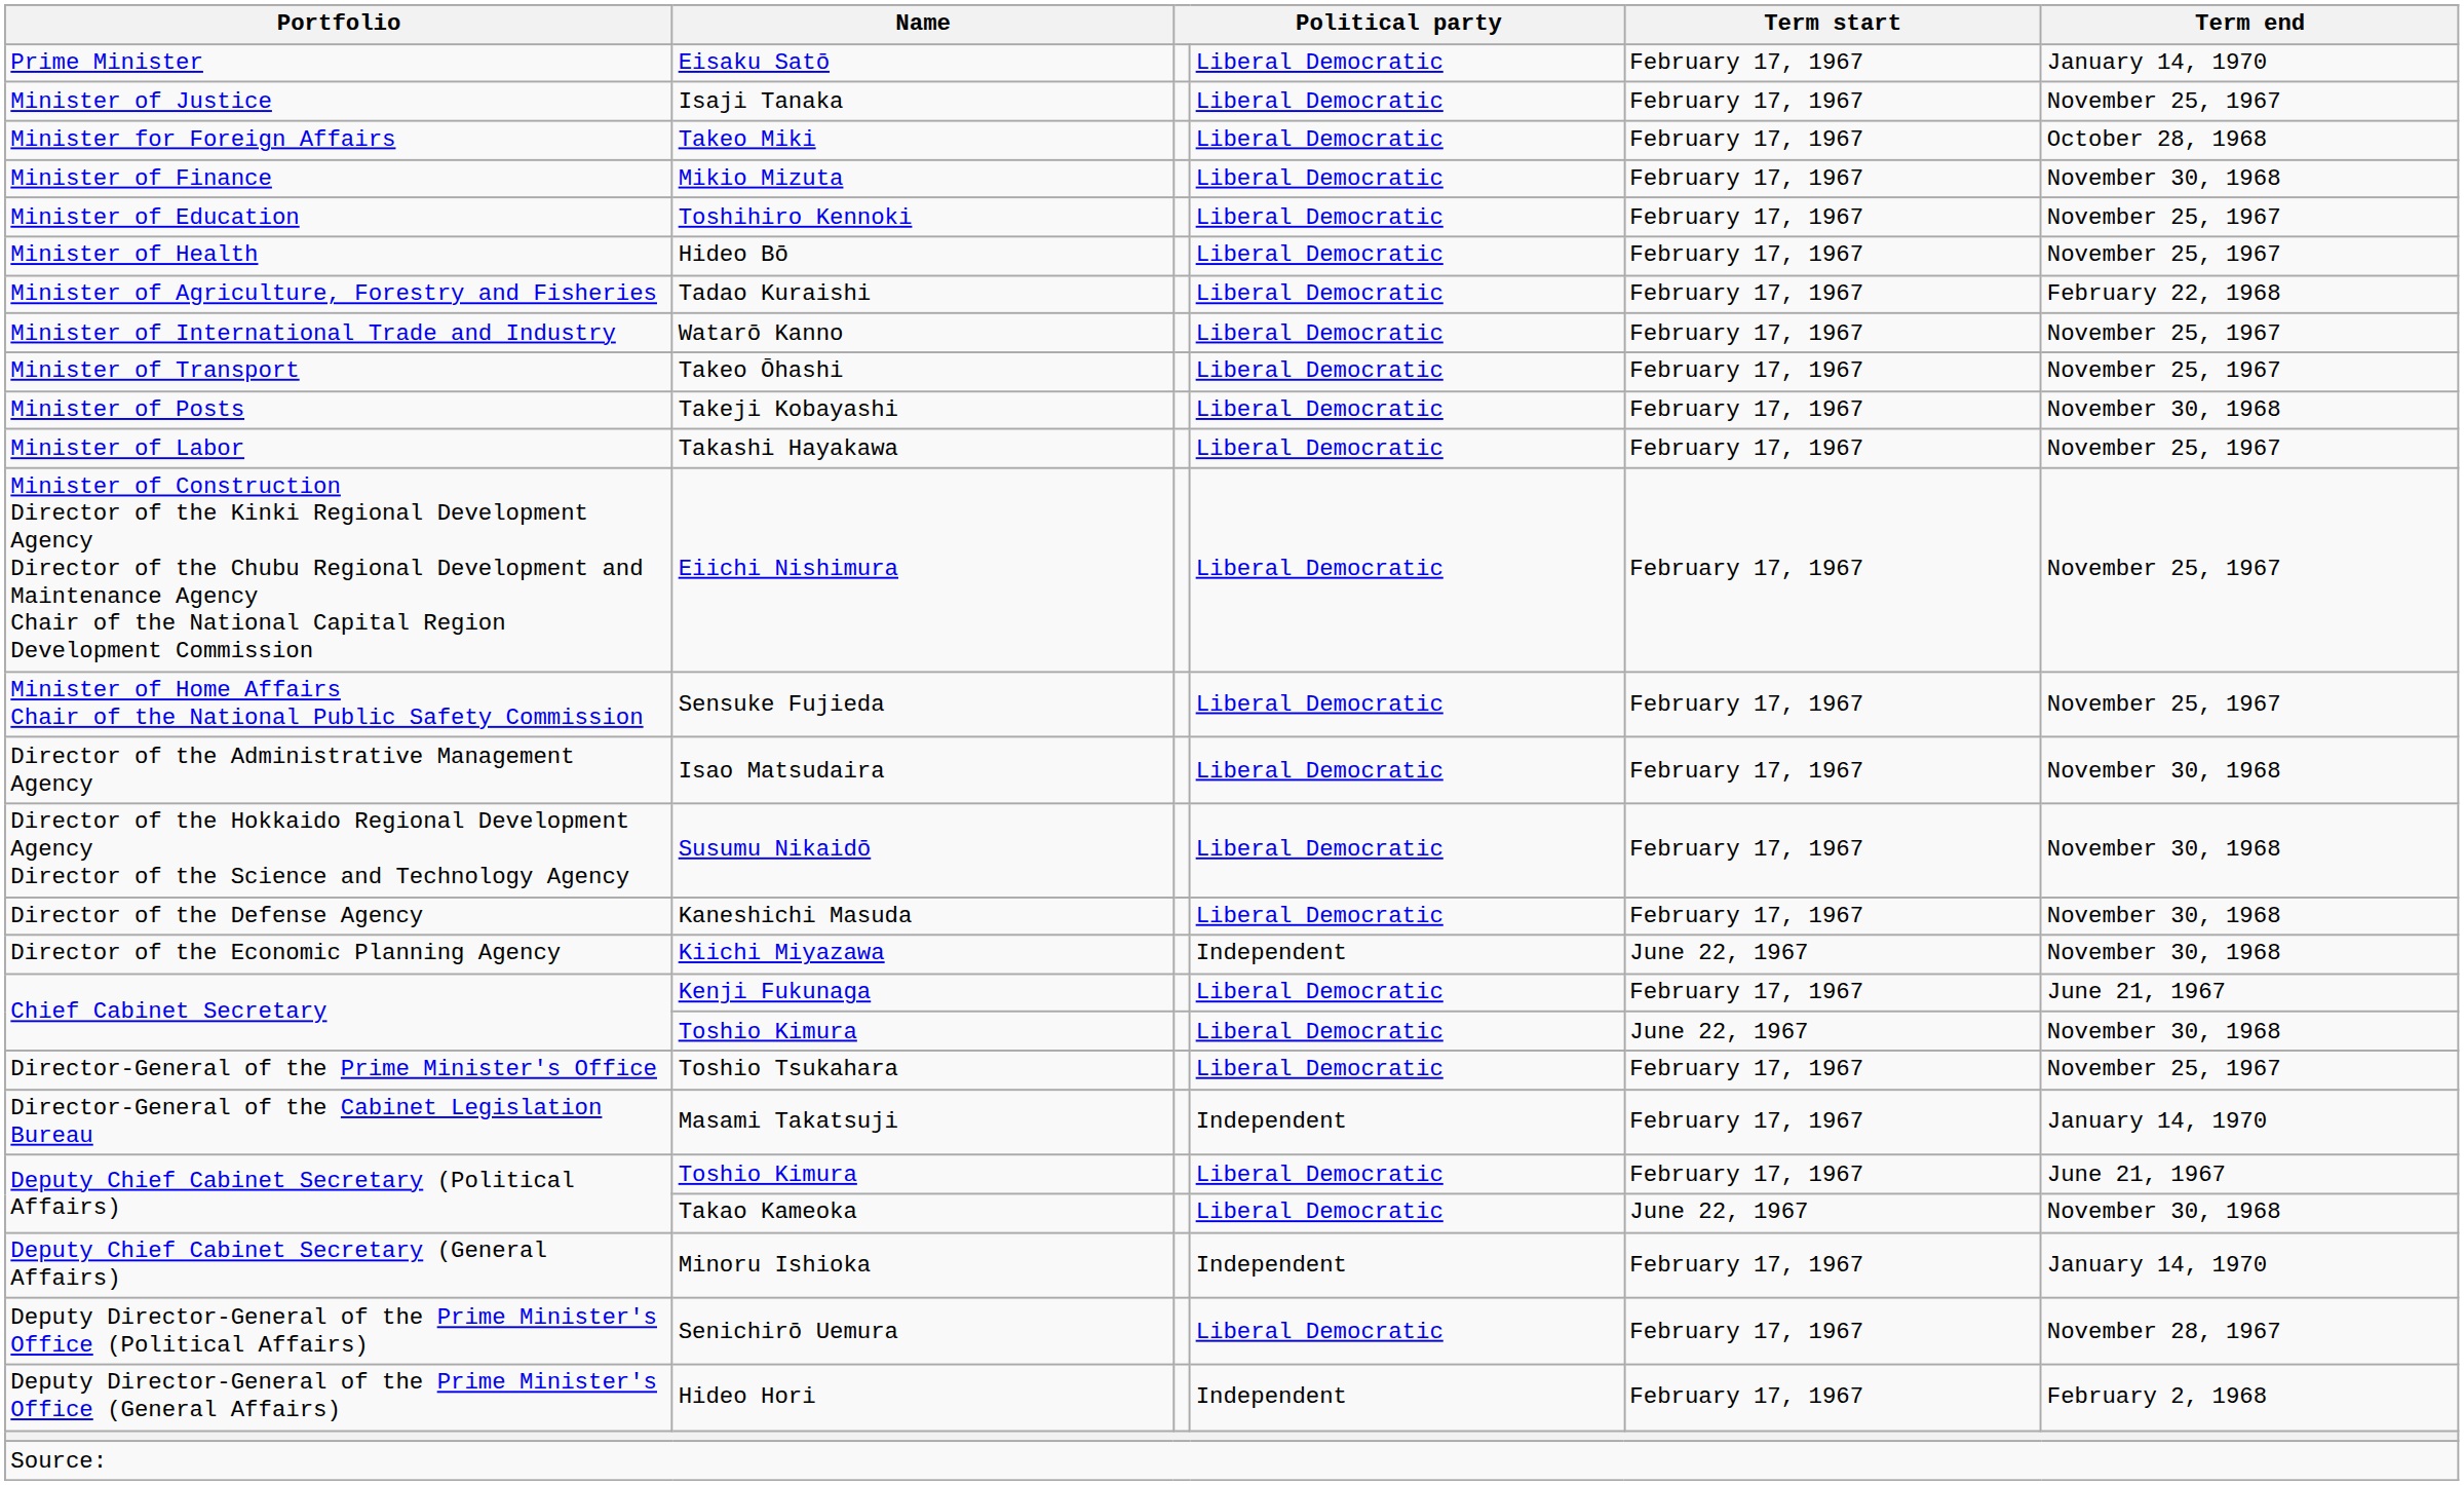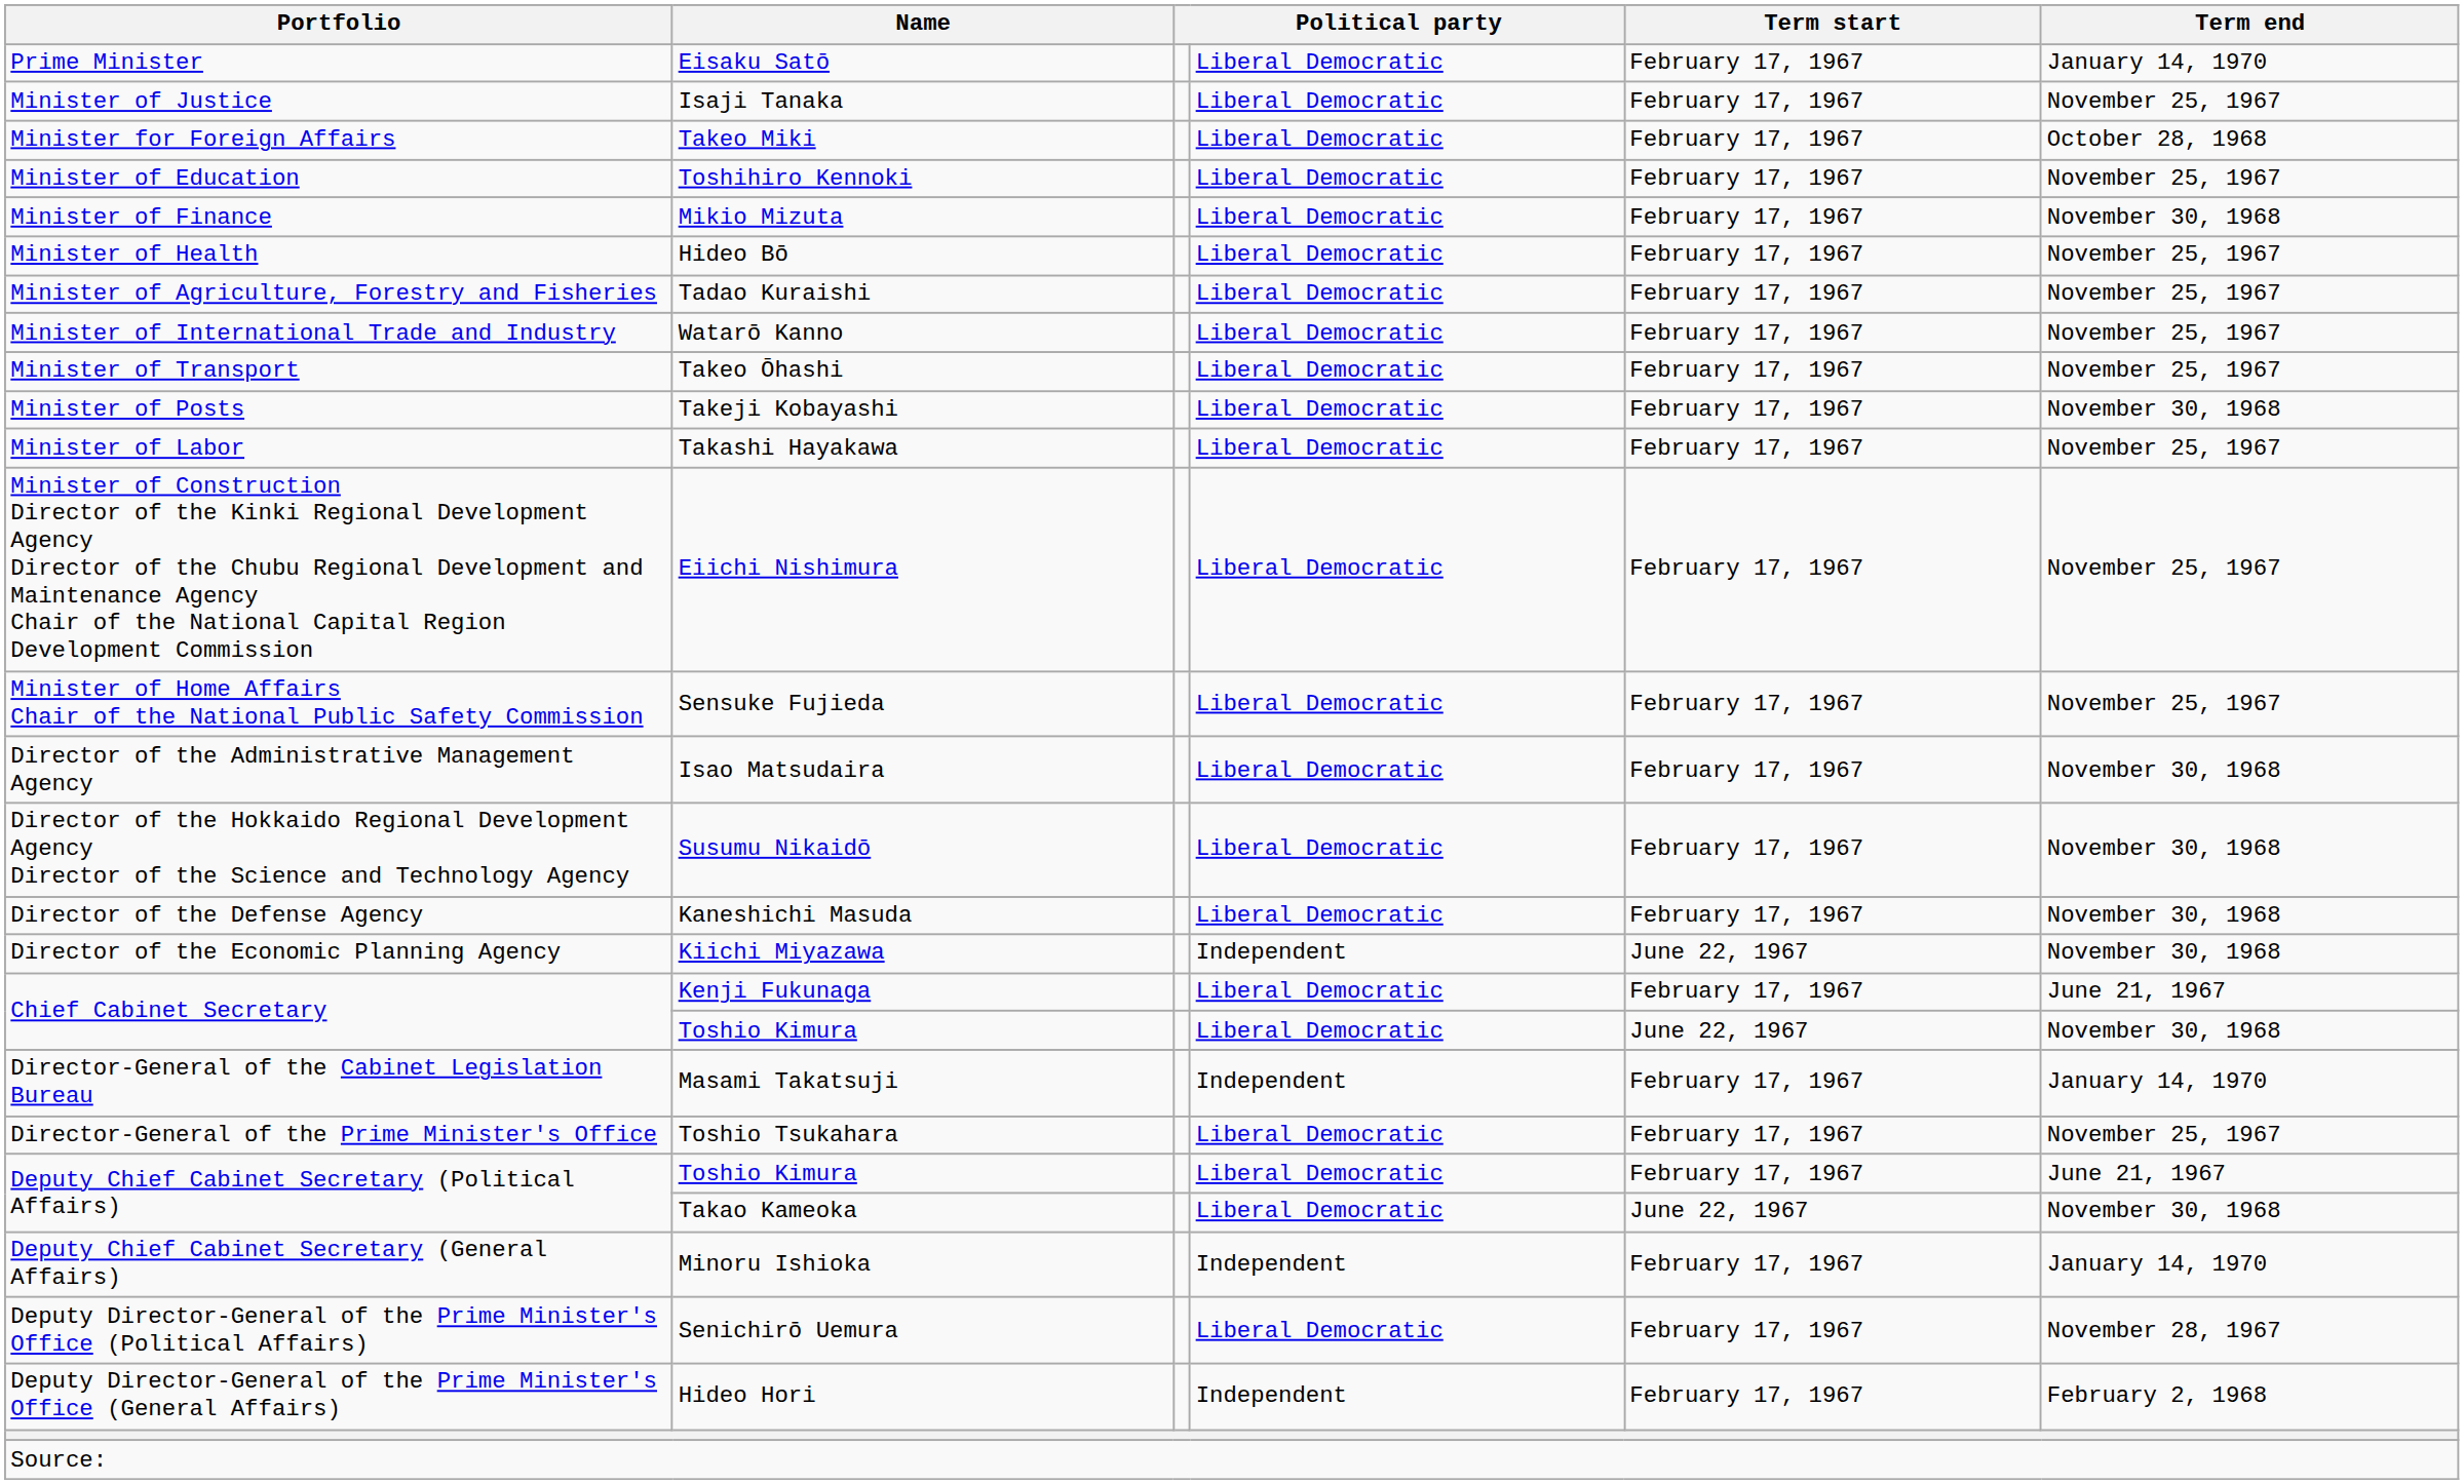 <table class="wikitable unsortable" style="font-size: 90%;">
 <tr>
 <th width="20%" scope="col">Portfolio</th>
 <th width="15%" scope="col">Name</th>
 <th colspan="2" width="13.5%" scope="col">Political party</th>
 <th width="12.5%" scope="col">Term start</th>
 <th width="12.5%" scope="col">Term end</th>
 </tr>
 <tr>
 <td style="text-align: left;"><a href='#'>Prime Minister</a></td>
 <td><a href='#'>Eisaku Satō</a></td>
 <td width="0.5%" style="background:"></td>
 <td><a href='#'>Liberal Democratic</a></td>
 <td>February 17, 1967</td>
 <td>January 14, 1970</td>
 </tr>
 <tr>
 <td><a href='#'>Minister of Justice</a></td>
 <td>Isaji Tanaka</td>
 <td style="color:inherit;background:"></td>
 <td><a href='#'>Liberal Democratic</a></td>
 <td>February 17, 1967</td>
 <td>November 25, 1967</td>
 </tr>
 <tr>
 <td><a href='#'>Minister for Foreign Affairs</a></td>
 <td><a href='#'>Takeo Miki</a></td>
 <td style="color:inherit;background:"></td>
 <td><a href='#'>Liberal Democratic</a></td>
 <td>February 17, 1967</td>
 <td>October 28, 1968</td>
 </tr>
 <tr>
+<td><a href='#'>Minister of Education</a></td>
+<td><a href='#'>Toshihiro Kennoki</a></td>
+<td style="color:inherit;background:"></td>
+<td><a href='#'>Liberal Democratic</a></td>
+<td>February 17, 1967</td>
+<td>November 25, 1967</td>
+</tr>
+<tr>
 <td><a href='#'>Minister of Finance</a></td>
 <td><a href='#'>Mikio Mizuta</a></td>
 <td style="color:inherit;background:"></td>
 <td><a href='#'>Liberal Democratic</a></td>
 <td>February 17, 1967</td>
 <td>November 30, 1968</td>
-</tr>
-<tr>
-<td><a href='#'>Minister of Education</a></td>
-<td><a href='#'>Toshihiro Kennoki</a></td>
-<td style="color:inherit;background:"></td>
-<td><a href='#'>Liberal Democratic</a></td>
-<td>February 17, 1967</td>
-<td>November 25, 1967</td>
 </tr>
 <tr>
 <td><a href='#'>Minister of Health</a></td>
 <td>Hideo Bō</td>
 <td style="color:inherit;background:"></td>
 <td><a href='#'>Liberal Democratic</a></td>
 <td>February 17, 1967</td>
 <td>November 25, 1967</td>
 </tr>
 <tr>
 <td><a href='#'>Minister of Agriculture, Forestry and Fisheries</a></td>
 <td>Tadao Kuraishi</td>
 <td style="color:inherit;background:"></td>
 <td><a href='#'>Liberal Democratic</a></td>
 <td>February 17, 1967</td>
-<td>February 22, 1968</td>
+<td>November 25, 1967</td>
 </tr>
 <tr>
 <td><a href='#'>Minister of International Trade and Industry</a></td>
 <td>Watarō Kanno</td>
 <td style="color:inherit;background:"></td>
 <td><a href='#'>Liberal Democratic</a></td>
 <td>February 17, 1967</td>
 <td>November 25, 1967</td>
 </tr>
 <tr>
 <td><a href='#'>Minister of Transport</a></td>
 <td>Takeo Ōhashi</td>
 <td style="color:inherit;background:"></td>
 <td><a href='#'>Liberal Democratic</a></td>
 <td>February 17, 1967</td>
 <td>November 25, 1967</td>
 </tr>
 <tr>
 <td><a href='#'>Minister of Posts</a></td>
 <td>Takeji Kobayashi</td>
 <td style="color:inherit;background:"></td>
 <td><a href='#'>Liberal Democratic</a></td>
 <td>February 17, 1967</td>
 <td>November 30, 1968</td>
 </tr>
 <tr>
 <td><a href='#'>Minister of Labor</a></td>
 <td>Takashi Hayakawa</td>
 <td style="color:inherit;background:"></td>
 <td><a href='#'>Liberal Democratic</a></td>
 <td>February 17, 1967</td>
 <td>November 25, 1967</td>
 </tr>
 <tr>
 <td><a href='#'>Minister of Construction</a><br>Director of the Kinki Regional Development Agency<br>Director of the Chubu Regional Development and Maintenance Agency<br>Chair of the National Capital Region Development Commission</td>
 <td><a href='#'>Eiichi Nishimura</a></td>
 <td style="color:inherit;background:"></td>
 <td><a href='#'>Liberal Democratic</a></td>
 <td>February 17, 1967</td>
 <td>November 25, 1967</td>
 </tr>
 <tr>
 <td><a href='#'>Minister of Home Affairs</a><br><a href='#'>Chair of the National Public Safety Commission</a></td>
 <td>Sensuke Fujieda</td>
 <td style="color:inherit;background:"></td>
 <td><a href='#'>Liberal Democratic</a></td>
 <td>February 17, 1967</td>
 <td>November 25, 1967</td>
 </tr>
 <tr>
 <td>Director of the Administrative Management Agency</td>
 <td>Isao Matsudaira</td>
 <td style="color:inherit;background:"></td>
 <td><a href='#'>Liberal Democratic</a></td>
 <td>February 17, 1967</td>
 <td>November 30, 1968</td>
 </tr>
 <tr>
 <td>Director of the Hokkaido Regional Development Agency<br>Director of the Science and Technology Agency</td>
 <td><a href='#'>Susumu Nikaidō</a></td>
 <td style="color:inherit;background:"></td>
 <td><a href='#'>Liberal Democratic</a></td>
 <td>February 17, 1967</td>
 <td>November 30, 1968</td>
 </tr>
 <tr>
 <td>Director of the Defense Agency</td>
 <td>Kaneshichi Masuda</td>
 <td style="color:inherit;background:"></td>
 <td><a href='#'>Liberal Democratic</a></td>
 <td>February 17, 1967</td>
 <td>November 30, 1968</td>
 </tr>
 <tr>
 <td>Director of the Economic Planning Agency</td>
 <td><a href='#'>Kiichi Miyazawa</a></td>
 <td style="color:inherit;background:"></td>
 <td>Independent</td>
 <td>June 22, 1967</td>
 <td>November 30, 1968</td>
 </tr>
 <tr>
 <td rowspan="2"><a href='#'>Chief Cabinet Secretary</a></td>
 <td><a href='#'>Kenji Fukunaga</a></td>
 <td style="color:inherit;background:"></td>
 <td><a href='#'>Liberal Democratic</a></td>
 <td>February 17, 1967</td>
 <td>June 21, 1967</td>
 </tr>
 <tr>
 <td><a href='#'>Toshio Kimura</a></td>
 <td style="color:inherit;background:"></td>
 <td><a href='#'>Liberal Democratic</a></td>
 <td>June 22, 1967</td>
 <td>November 30, 1968</td>
 </tr>
 <tr>
+<td>Director-General of the <a href='#'>Cabinet Legislation Bureau</a></td>
+<td>Masami Takatsuji</td>
+<td style="color:inherit;background:"></td>
+<td>Independent</td>
+<td>February 17, 1967</td>
+<td>January 14, 1970</td>
+</tr>
+<tr>
 <td>Director-General of the <a href='#'>Prime Minister's Office</a></td>
 <td>Toshio Tsukahara</td>
 <td style="color:inherit;background:"></td>
 <td><a href='#'>Liberal Democratic</a></td>
 <td>February 17, 1967</td>
 <td>November 25, 1967</td>
-</tr>
-<tr>
-<td>Director-General of the <a href='#'>Cabinet Legislation Bureau</a></td>
-<td>Masami Takatsuji</td>
-<td style="color:inherit;background:"></td>
-<td>Independent</td>
-<td>February 17, 1967</td>
-<td>January 14, 1970</td>
 </tr>
 <tr>
 <td rowspan="2"><a href='#'>Deputy Chief Cabinet Secretary</a> (Political Affairs)</td>
 <td><a href='#'>Toshio Kimura</a></td>
 <td style="color:inherit;background:"></td>
 <td><a href='#'>Liberal Democratic</a></td>
 <td>February 17, 1967</td>
 <td>June 21, 1967</td>
 </tr>
 <tr>
 <td>Takao Kameoka</td>
 <td style="color:inherit;background:"></td>
 <td><a href='#'>Liberal Democratic</a></td>
 <td>June 22, 1967</td>
 <td>November 30, 1968</td>
 </tr>
 <tr>
 <td><a href='#'>Deputy Chief Cabinet Secretary</a> (General Affairs)</td>
 <td>Minoru Ishioka</td>
 <td style="color:inherit;background:"></td>
 <td>Independent</td>
 <td>February 17, 1967</td>
 <td>January 14, 1970</td>
 </tr>
 <tr>
 <td>Deputy Director-General of the <a href='#'>Prime Minister's Office</a> (Political Affairs)</td>
 <td>Senichirō Uemura</td>
 <td style="color:inherit;background:"></td>
 <td><a href='#'>Liberal Democratic</a></td>
 <td>February 17, 1967</td>
 <td>November 28, 1967</td>
 </tr>
 <tr>
 <td>Deputy Director-General of the <a href='#'>Prime Minister's Office</a> (General Affairs)</td>
 <td>Hideo Hori</td>
 <td style="color:inherit;background:"></td>
 <td>Independent</td>
 <td>February 17, 1967</td>
 <td>February 2, 1968</td>
 </tr>
 <tr>
 <th colspan="6"></th>
 </tr>
 <tr>
 <td colspan="6">Source:</td>
 </tr>
 </table>
